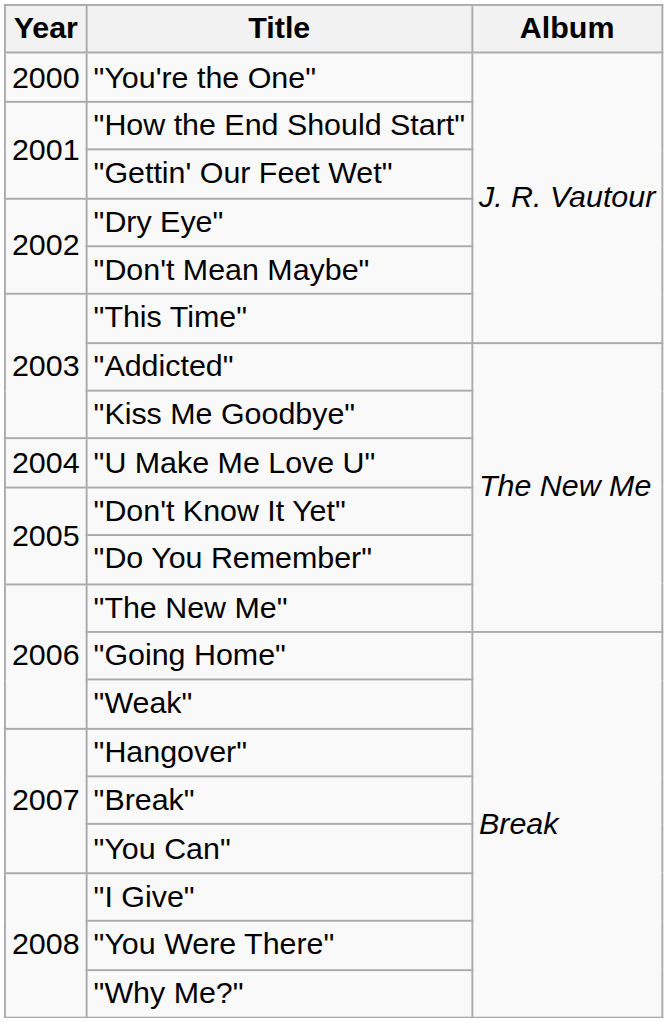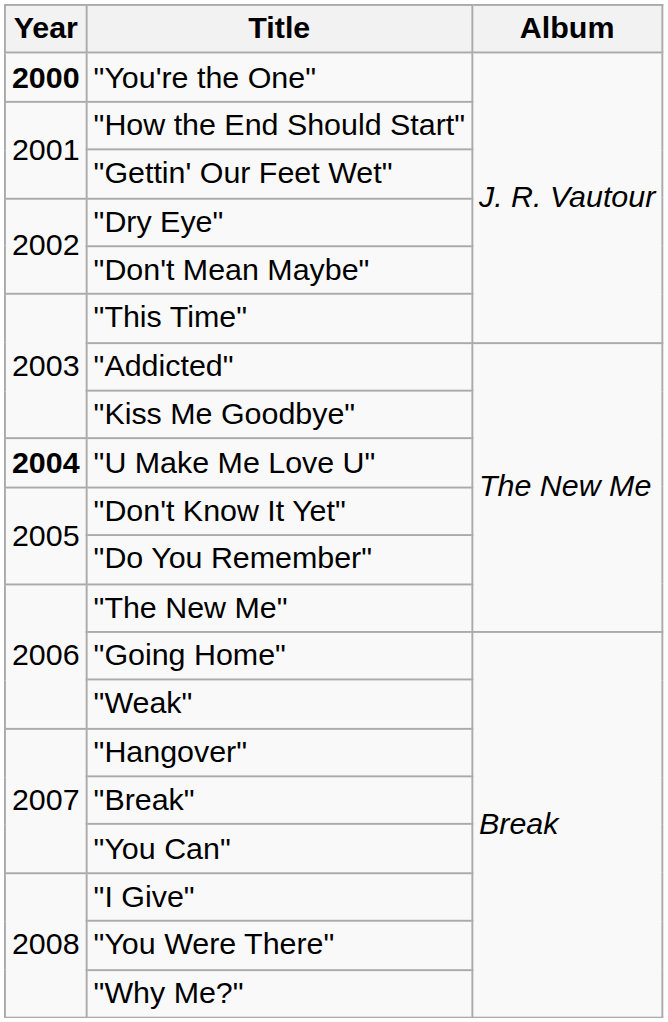 <table class="wikitable">
 <tr>
 <th>Year</th>
 <th>Title</th>
 <th>Album</th>
 </tr>
 <tr>
-<td>2000</td>
+<td><strong>2000</strong></td>
 <td>"You're the One"</td>
 <td rowspan="6"><em>J. R. Vautour</em></td>
 </tr>
 <tr>
 <td rowspan="2">2001</td>
 <td>"How the End Should Start"</td>
 </tr>
 <tr>
 <td>"Gettin' Our Feet Wet"</td>
 </tr>
 <tr>
 <td rowspan="2">2002</td>
 <td>"Dry Eye"</td>
 </tr>
 <tr>
 <td>"Don't Mean Maybe"</td>
 </tr>
 <tr>
 <td rowspan="3">2003</td>
 <td>"This Time"</td>
 </tr>
 <tr>
 <td>"Addicted"</td>
 <td rowspan="6"><em>The New Me</em></td>
 </tr>
 <tr>
 <td>"Kiss Me Goodbye"</td>
 </tr>
 <tr>
-<td>2004</td>
+<td><strong>2004</strong></td>
 <td>"U Make Me Love U"</td>
 </tr>
 <tr>
 <td rowspan="2">2005</td>
 <td>"Don't Know It Yet"</td>
 </tr>
 <tr>
 <td>"Do You Remember"</td>
 </tr>
 <tr>
 <td rowspan="3">2006</td>
 <td>"The New Me"</td>
 </tr>
 <tr>
 <td>"Going Home"</td>
 <td rowspan="8"><em>Break</em></td>
 </tr>
 <tr>
 <td>"Weak"</td>
 </tr>
 <tr>
 <td rowspan="3">2007</td>
 <td>"Hangover"</td>
 </tr>
 <tr>
 <td>"Break"</td>
 </tr>
 <tr>
 <td>"You Can"</td>
 </tr>
 <tr>
 <td rowspan="3">2008</td>
 <td>"I Give"</td>
 </tr>
 <tr>
 <td>"You Were There"</td>
 </tr>
 <tr>
 <td>"Why Me?"</td>
 </tr>
 </table>
